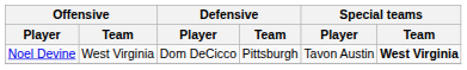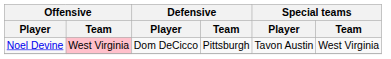 <table class="wikitable" border="1">
 <tr>
 <th colspan="2">Offensive</th>
 <th colspan="2">Defensive</th>
 <th colspan="2">Special teams</th>
 </tr>
 <tr>
 <th>Player</th>
 <th>Team</th>
 <th>Player</th>
 <th>Team</th>
 <th>Player</th>
 <th>Team</th>
 </tr>
 <tr>
 <td><a href='#'>Noel Devine</a></td>
-<td>West Virginia</td>
+<td style="background: pink;">West Virginia</td>
 <td>Dom DeCicco</td>
 <td>Pittsburgh</td>
 <td>Tavon Austin</td>
-<td><strong>West Virginia</strong></td>
+<td>West Virginia</td>
 </tr>
 <tr>
 </tr>
 </table>
